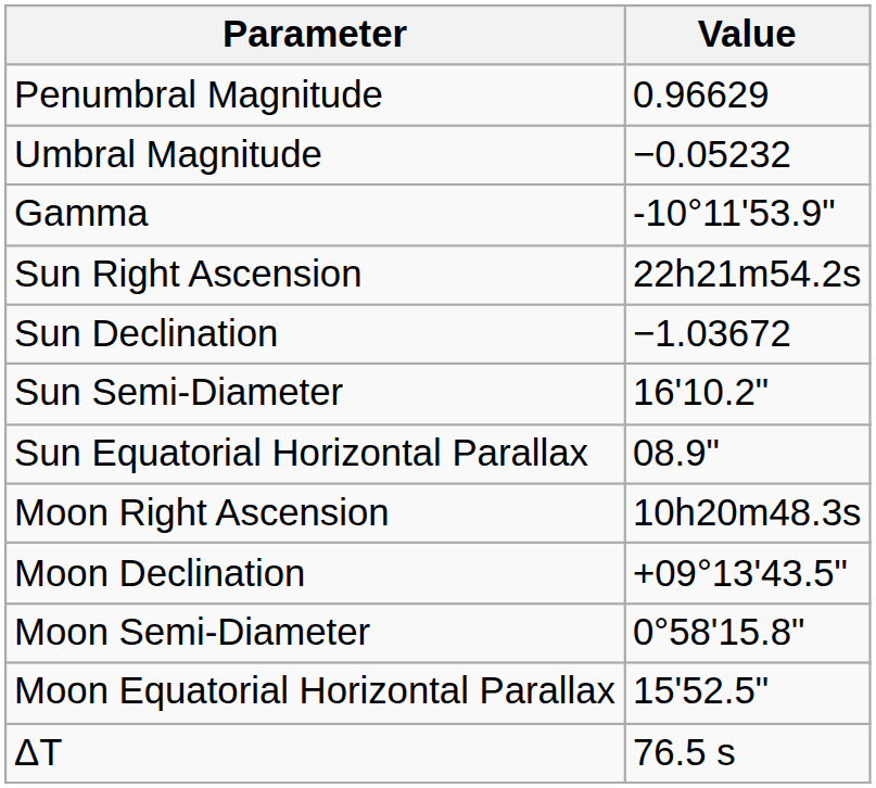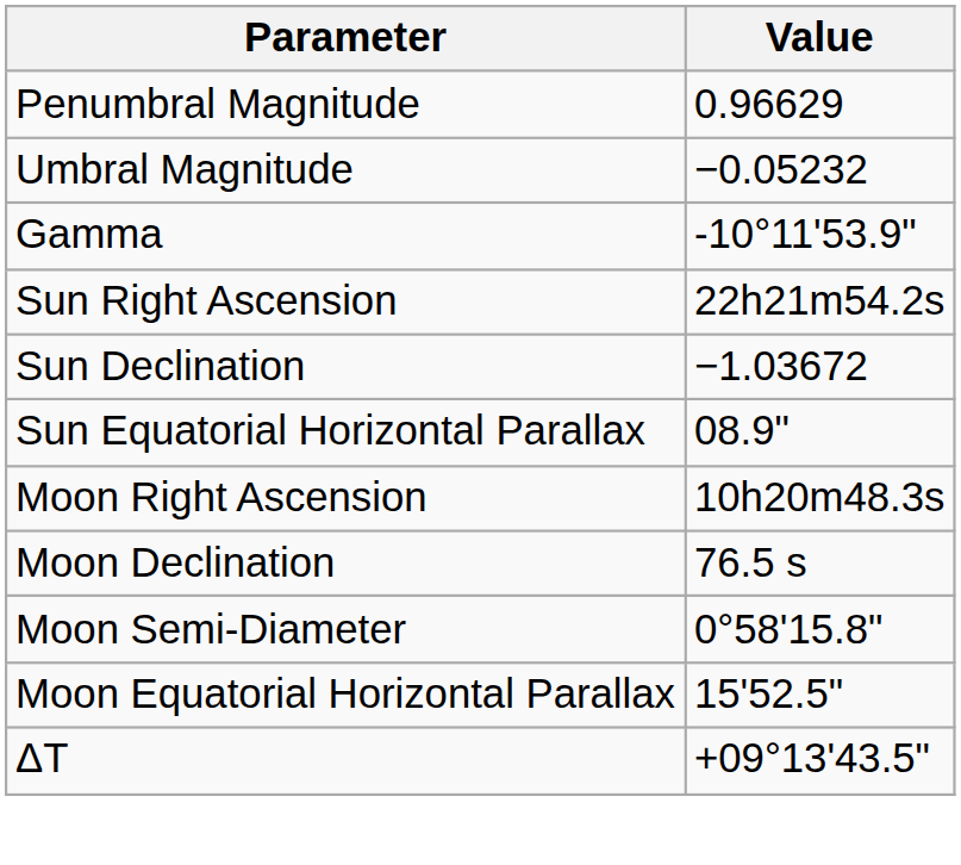 <table class="wikitable">
 <tr>
 <th>Parameter</th>
 <th>Value</th>
 </tr>
 <tr>
 <td>Penumbral Magnitude</td>
 <td>0.96629</td>
 </tr>
 <tr>
 <td>Umbral Magnitude</td>
 <td>−0.05232</td>
 </tr>
 <tr>
 <td>Gamma</td>
 <td>-10°11'53.9"</td>
 </tr>
 <tr>
 <td>Sun Right Ascension</td>
 <td>22h21m54.2s</td>
 </tr>
 <tr>
 <td>Sun Declination</td>
 <td>−1.03672</td>
 </tr>
 <tr>
-<td>Sun Semi-Diameter</td>
-<td>16'10.2"</td>
-</tr>
-<tr>
 <td>Sun Equatorial Horizontal Parallax</td>
 <td>08.9"</td>
 </tr>
 <tr>
 <td>Moon Right Ascension</td>
 <td>10h20m48.3s</td>
 </tr>
 <tr>
 <td>Moon Declination</td>
-<td>+09°13'43.5"</td>
+<td>76.5 s</td>
 </tr>
 <tr>
 <td>Moon Semi-Diameter</td>
 <td>0°58'15.8"</td>
 </tr>
 <tr>
 <td>Moon Equatorial Horizontal Parallax</td>
 <td>15'52.5"</td>
 </tr>
 <tr>
 <td>ΔT</td>
-<td>76.5 s</td>
+<td>+09°13'43.5"</td>
 </tr>
 </table>
